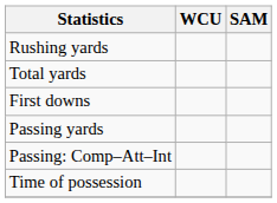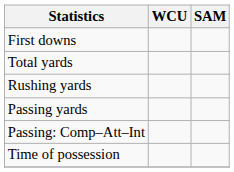 <table class="wikitable" style="float: left;">
 <tr>
 <th>Statistics</th>
 <th>WCU</th>
 <th>SAM</th>
 </tr>
 <tr>
-<td>Rushing yards</td>
+<td>First downs</td>
 <td></td>
 <td></td>
 </tr>
 <tr>
 <td>Total yards</td>
 <td></td>
 <td></td>
 </tr>
 <tr>
-<td>First downs</td>
+<td>Rushing yards</td>
 <td></td>
 <td></td>
 </tr>
 <tr>
 <td>Passing yards</td>
 <td></td>
 <td></td>
 </tr>
 <tr>
 <td>Passing: Comp–Att–Int</td>
 <td></td>
 <td></td>
 </tr>
 <tr>
 <td>Time of possession</td>
 <td></td>
 <td></td>
 </tr>
 <tr>
 </tr>
 </table>
